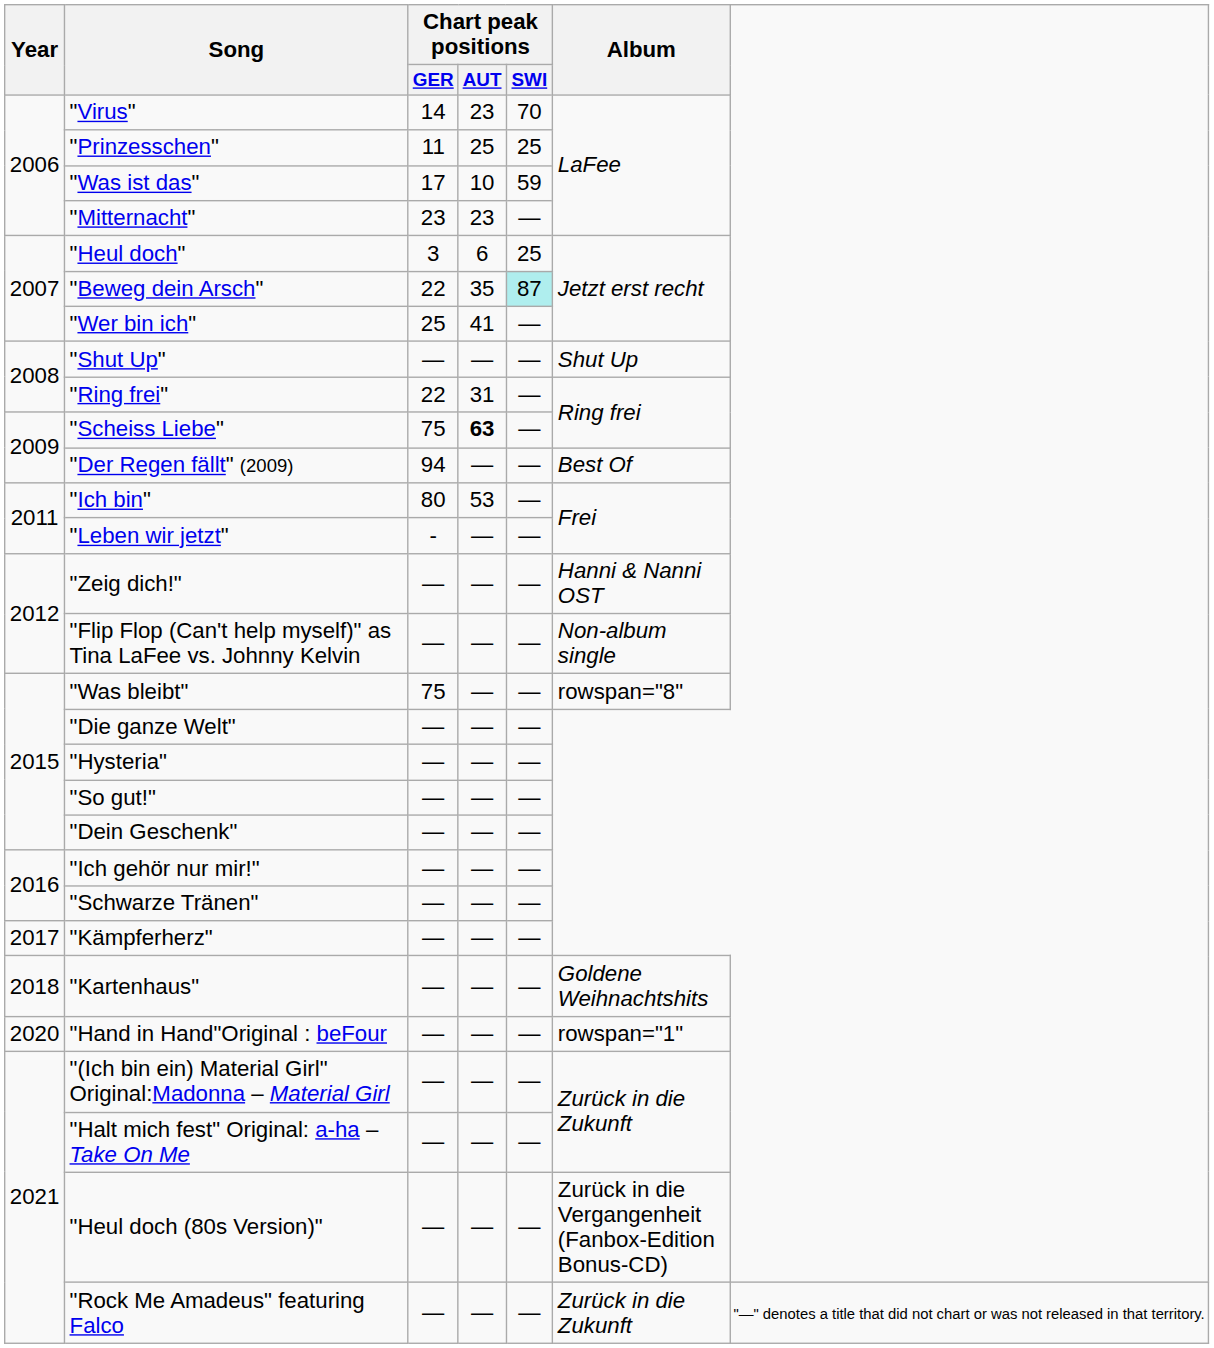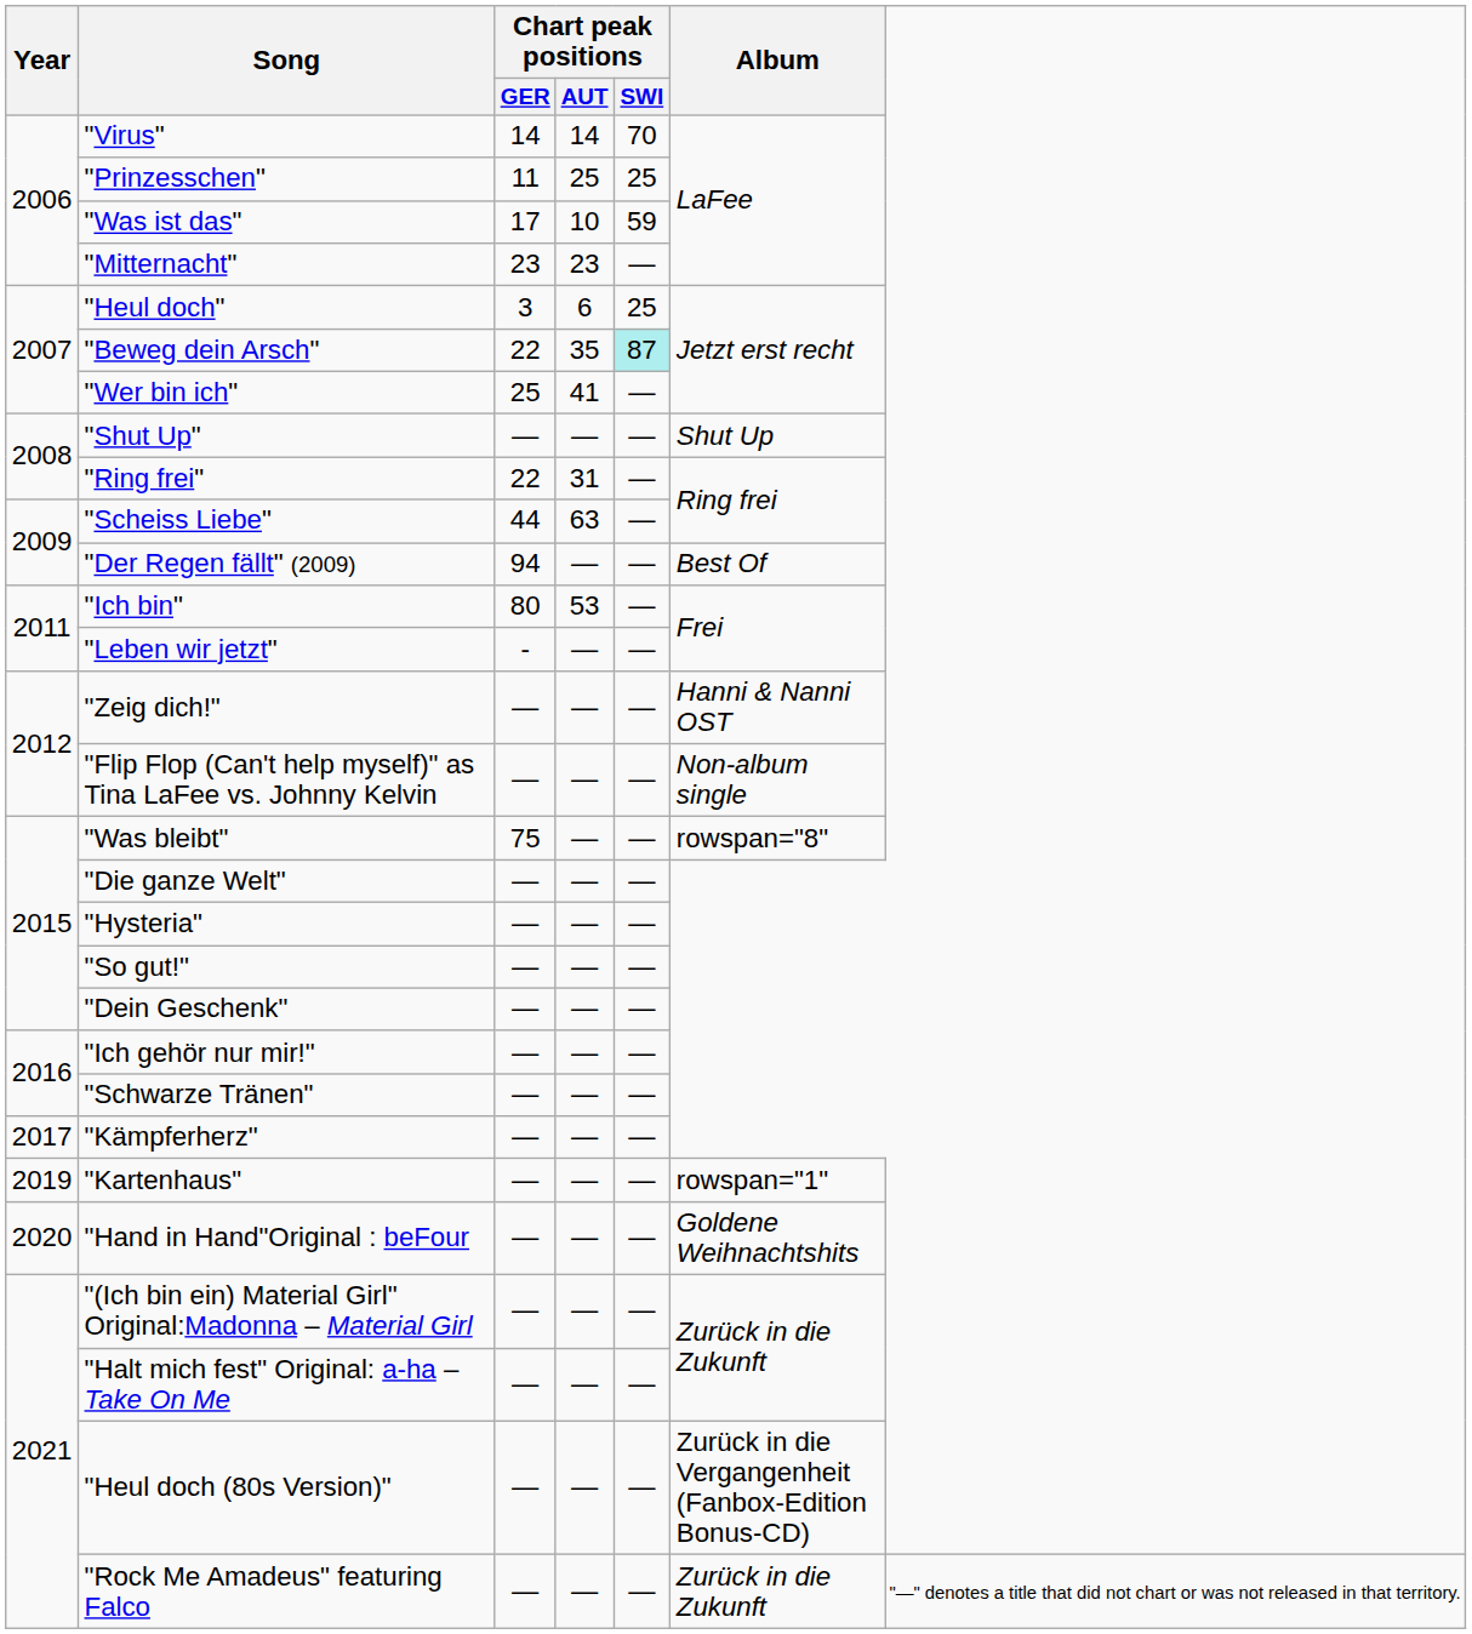 <table class="wikitable" border="1">
 <tr>
 <th rowspan="2">Year</th>
 <th width="240" rowspan="2">Song</th>
 <th colspan="3">Chart peak positions</th>
 <th width="120" rowspan="2">Album</th>
 </tr>
 <tr>
 <th style="width:2em; font-size:85%"><a href='#'>GER</a><br></th>
 <th style="width:2em; font-size:85%"><a href='#'>AUT</a><br></th>
 <th style="width:2em; font-size:85%"><a href='#'>SWI</a><br></th>
 </tr>
 <tr>
 <td align="center" rowspan="4">2006</td>
 <td align="left">"<a href='#'>Virus</a>"</td>
 <td align="center">14</td>
-<td align="center">23</td>
+<td align="center">14</td>
 <td align="center">70</td>
 <td rowspan="4"><em>LaFee</em></td>
 </tr>
 <tr>
 <td align="left">"<a href='#'>Prinzesschen</a>"</td>
 <td align="center">11</td>
 <td align="center">25</td>
 <td align="center">25</td>
 </tr>
 <tr>
 <td align="left">"<a href='#'>Was ist das</a>"</td>
 <td align="center">17</td>
 <td align="center">10</td>
 <td align="center">59</td>
 </tr>
 <tr>
 <td align="left">"<a href='#'>Mitternacht</a>"</td>
 <td align="center">23</td>
 <td align="center">23</td>
 <td align="center">—</td>
 </tr>
 <tr>
 <td align="center" rowspan="3">2007</td>
 <td align="left">"<a href='#'>Heul doch</a>"</td>
 <td align="center">3</td>
 <td align="center">6</td>
 <td align="center">25</td>
 <td rowspan="3"><em>Jetzt erst recht</em></td>
 </tr>
 <tr>
 <td align="left">"<a href='#'>Beweg dein Arsch</a>"</td>
 <td align="center">22</td>
 <td align="center">35</td>
 <td align="center" style="background: paleturquoise;">87</td>
 </tr>
 <tr>
 <td align="left">"<a href='#'>Wer bin ich</a>"</td>
 <td align="center">25</td>
 <td align="center">41</td>
 <td align="center">—</td>
 </tr>
 <tr>
 <td align="center" rowspan="2">2008</td>
 <td align="left">"<a href='#'>Shut Up</a>"</td>
 <td align="center">—</td>
 <td align="center">—</td>
 <td align="center">—</td>
 <td><em>Shut Up</em></td>
 </tr>
 <tr>
 <td align="left">"<a href='#'>Ring frei</a>"</td>
 <td align="center">22</td>
 <td align="center">31</td>
 <td align="center">—</td>
 <td rowspan="2"><em>Ring frei</em></td>
 </tr>
 <tr>
 <td align="center" rowspan="2">2009</td>
 <td>"<a href='#'>Scheiss Liebe</a>"</td>
-<td align="center">75</td>
-<td align="center"><strong>63</strong></td>
+<td align="center">44</td>
+<td align="center">63</td>
 <td align="center">—</td>
 </tr>
 <tr>
 <td>"<a href='#'>Der Regen fällt</a>" <small>(2009)</small></td>
 <td align="center">94</td>
 <td align="center">—</td>
 <td align="center">—</td>
 <td><em>Best Of</em></td>
 </tr>
 <tr>
 <td align="center" rowspan="2">2011</td>
 <td align="left">"<a href='#'>Ich bin</a>"</td>
 <td align="center">80</td>
 <td align="center">53</td>
 <td align="center">—</td>
 <td rowspan="2"><em>Frei</em></td>
 </tr>
 <tr>
 <td align="left">"<a href='#'>Leben wir jetzt</a>"</td>
 <td align="center">-</td>
 <td align="center">—</td>
 <td align="center">—</td>
 </tr>
 <tr>
 <td align="center" rowspan="2">2012</td>
 <td align="left">"Zeig dich!"</td>
 <td align="center">—</td>
 <td align="center">—</td>
 <td align="center">—</td>
 <td><em>Hanni & Nanni OST</em></td>
 </tr>
 <tr>
 <td align="left">"Flip Flop (Can't help myself)" as Tina LaFee vs. Johnny Kelvin</td>
 <td align="center">—</td>
 <td align="center">—</td>
 <td align="center">—</td>
 <td><em>Non-album single</em></td>
 </tr>
 <tr>
 <td align="center" rowspan="5">2015</td>
 <td align="left">"Was bleibt"</td>
 <td align="center">75</td>
 <td align="center">—</td>
 <td align="center">—</td>
 <td>rowspan="8" </td>
 </tr>
 <tr>
 <td align="left">"Die ganze Welt"</td>
 <td align="center">—</td>
 <td align="center">—</td>
 <td align="center">—</td>
 </tr>
 <tr>
 <td align="left">"Hysteria"</td>
 <td align="center">—</td>
 <td align="center">—</td>
 <td align="center">—</td>
 </tr>
 <tr>
 <td align="left">"So gut!"</td>
 <td align="center">—</td>
 <td align="center">—</td>
 <td align="center">—</td>
 </tr>
 <tr>
 <td align="left">"Dein Geschenk"</td>
 <td align="center">—</td>
 <td align="center">—</td>
 <td align="center">—</td>
 </tr>
 <tr>
 <td align="center" rowspan="2">2016</td>
 <td>"Ich gehör nur mir!"</td>
 <td align="center">—</td>
 <td align="center">—</td>
 <td align="center">—</td>
 </tr>
 <tr>
 <td align="left">"Schwarze Tränen"</td>
 <td align="center">—</td>
 <td align="center">—</td>
 <td align="center">—</td>
 </tr>
 <tr>
 <td align="center">2017</td>
 <td>"Kämpferherz"</td>
 <td align="center">—</td>
 <td align="center">—</td>
 <td align="center">—</td>
 </tr>
 <tr>
-<td align="center">2018</td>
+<td align="center">2019</td>
 <td>"Kartenhaus"</td>
 <td align="center">—</td>
 <td align="center">—</td>
 <td align="center">—</td>
-<td rowspan="1"><em>Goldene Weihnachtshits</em></td>
+<td>rowspan="1" </td>
 </tr>
 <tr>
 <td align="center">2020</td>
 <td>"Hand in Hand"Original : <a href='#'>beFour</a></td>
 <td align="center">—</td>
 <td align="center">—</td>
 <td align="center">—</td>
-<td>rowspan="1" </td>
+<td rowspan="1"><em>Goldene Weihnachtshits</em></td>
 </tr>
 <tr>
 <td align="center" rowspan="4">2021</td>
 <td align="left">"(Ich bin ein) Material Girl" Original:<a href='#'>Madonna</a> – <em><a href='#'>Material Girl</a></em></td>
 <td align="center">—</td>
 <td align="center">—</td>
 <td align="center">—</td>
 <td rowspan="2"><em>Zurück in die Zukunft</em></td>
 </tr>
 <tr>
 <td align="left">"Halt mich fest" Original: <a href='#'>a-ha</a> – <em><a href='#'>Take On Me</a></em></td>
 <td align="center">—</td>
 <td align="center">—</td>
 <td align="center">—</td>
 </tr>
 <tr>
 <td align="left">"Heul doch (80s Version)"</td>
 <td align="center">—</td>
 <td align="center">—</td>
 <td align="center">—</td>
 <td rowspan="1">Zurück in die Vergangenheit (Fanbox-Edition Bonus-CD)</td>
 </tr>
 <tr>
 <td align="left">"Rock Me Amadeus" featuring <a href='#'>Falco</a></td>
 <td align="center">—</td>
 <td align="center">—</td>
 <td align="center">—</td>
 <td rowspan="1"><em>Zurück in die Zukunft</em></td>
 <td align="center" colspan="6" style="font-size: 8pt">"—" denotes a title that did not chart or was not released in that territory.</td>
 </tr>
 </table>
